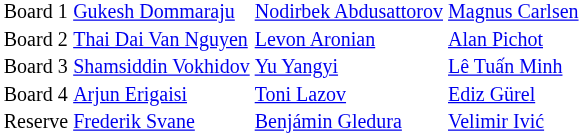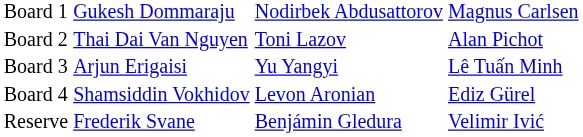 <table>
 <tr>
 <td>Board 1</td>
 <td><a href='#'>Gukesh Dommaraju</a><br></td>
 <td><a href='#'>Nodirbek Abdusattorov</a><br></td>
 <td><a href='#'>Magnus Carlsen</a><br></td>
 </tr>
 <tr>
 <td>Board 2</td>
 <td><a href='#'>Thai Dai Van Nguyen</a><br></td>
-<td><a href='#'>Levon Aronian</a><br></td>
+<td><a href='#'>Toni Lazov</a><br></td>
 <td><a href='#'>Alan Pichot</a><br></td>
 </tr>
 <tr>
 <td>Board 3</td>
-<td><a href='#'>Shamsiddin Vokhidov</a><br></td>
+<td><a href='#'>Arjun Erigaisi</a><br></td>
 <td><a href='#'>Yu Yangyi</a><br></td>
 <td><a href='#'>Lê Tuấn Minh</a><br></td>
 </tr>
 <tr>
 <td>Board 4</td>
-<td><a href='#'>Arjun Erigaisi</a><br></td>
-<td><a href='#'>Toni Lazov</a><br></td>
+<td><a href='#'>Shamsiddin Vokhidov</a><br></td>
+<td><a href='#'>Levon Aronian</a><br></td>
 <td><a href='#'>Ediz Gürel</a><br></td>
 </tr>
 <tr>
 <td>Reserve</td>
 <td><a href='#'>Frederik Svane</a><br></td>
 <td><a href='#'>Benjámin Gledura</a><br></td>
 <td><a href='#'>Velimir Ivić</a><br></td>
 </tr>
 </table>
